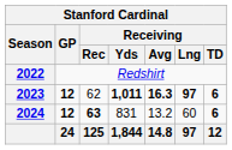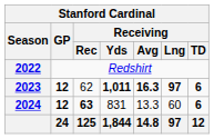 <table class="wikitable" style="text-align:center;">
 <tr>
 <th colspan="18">Stanford Cardinal</th>
 </tr>
 <tr>
 <th rowspan="2">Season</th>
 <th rowspan="2">GP</th>
 <th colspan="5">Receiving</th>
 </tr>
 <tr>
 <th>Rec</th>
 <th>Yds</th>
 <th>Avg</th>
 <th>Lng</th>
 <th>TD</th>
 </tr>
 <tr>
 <th><a href='#'>2022</a></th>
 <td colspan="6"> <em><a href='#'>Redshirt</a></em></td>
 </tr>
 <tr>
 <th><a href='#'>2023</a></th>
 <td><strong>12</strong></td>
 <td>62</td>
 <td><strong>1,011</strong></td>
 <td><strong>16.3</strong></td>
 <td><strong>97</strong></td>
 <td><strong>6</strong></td>
 </tr>
 <tr>
 <th><a href='#'>2024</a></th>
 <td><strong>12</strong></td>
 <td><strong>63</strong></td>
 <td>831</td>
-<td>13.2</td>
+<td>13.3</td>
 <td>60</td>
 <td><strong>6</strong></td>
 </tr>
 <tr>
 <th></th>
 <th>24</th>
 <th>125</th>
 <th>1,844</th>
 <th>14.8</th>
 <th>97</th>
 <th>12</th>
 </tr>
 </table>
